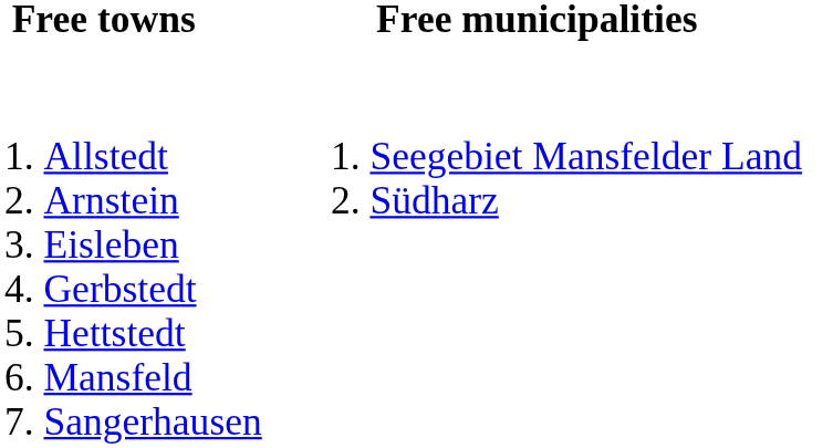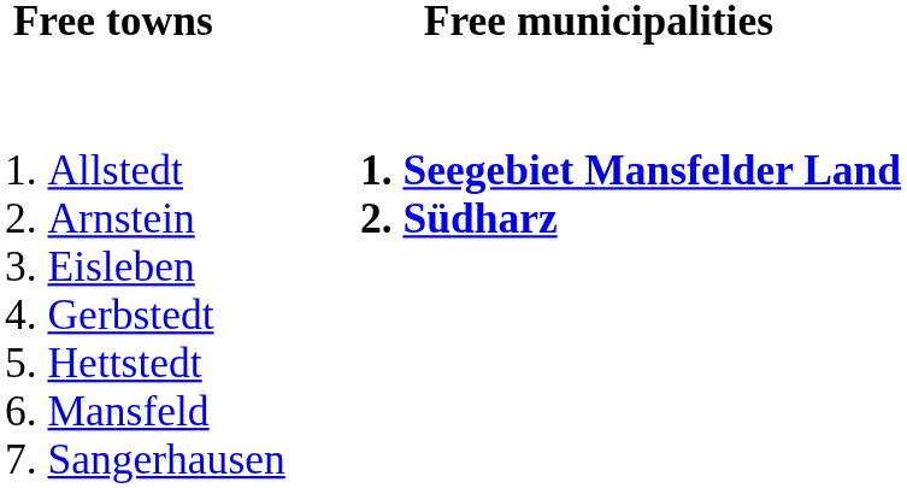 <table>
 <tr ---->
 <th>Free towns</th>
 <th>Free municipalities</th>
 </tr>
 <tr>
 <td valign=top><br><ol><li><a href='#'>Allstedt</a></li><li><a href='#'>Arnstein</a></li><li><a href='#'>Eisleben</a></li><li><a href='#'>Gerbstedt</a></li><li><a href='#'>Hettstedt</a></li><li><a href='#'>Mansfeld</a></li><li><a href='#'>Sangerhausen</a></li></ol></td>
-<td valign=top><br><ol><li><a href='#'>Seegebiet Mansfelder Land</a></li><li><a href='#'>Südharz</a></li></ol></td>
+<td valign=top><strong><br><ol><li><a href='#'>Seegebiet Mansfelder Land</a></li><li><a href='#'>Südharz</a></li></ol></strong></td>
 </tr>
 </table>
